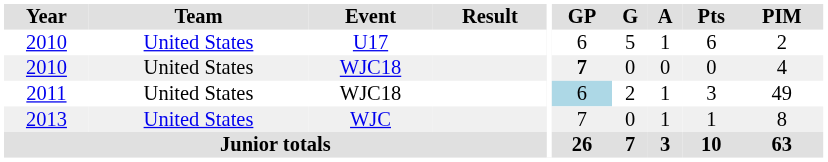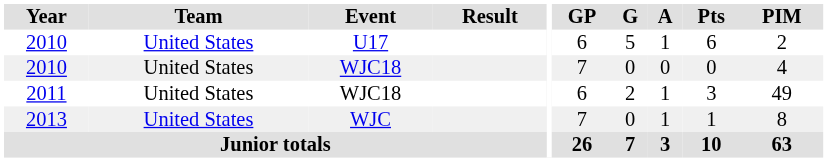 <table border="0" cellpadding="1" cellspacing="0" ID="Table3" style="text-align:center; width:40em">
 <tr ALIGN="center" bgcolor="#e0e0e0">
 <th>Year</th>
 <th>Team</th>
 <th>Event</th>
 <th>Result</th>
 <th rowspan="99" bgcolor="#ffffff"></th>
 <th>GP</th>
 <th>G</th>
 <th>A</th>
 <th>Pts</th>
 <th>PIM</th>
 </tr>
 <tr>
 <td><a href='#'>2010</a></td>
 <td><a href='#'>United States</a></td>
 <td><a href='#'>U17</a></td>
 <td></td>
 <td>6</td>
 <td>5</td>
 <td>1</td>
 <td>6</td>
 <td>2</td>
 </tr>
 <tr bgcolor="#f0f0f0">
 <td><a href='#'>2010</a></td>
 <td>United States</td>
 <td><a href='#'>WJC18</a></td>
 <td></td>
-<td><strong>7</strong></td>
+<td>7</td>
 <td>0</td>
 <td>0</td>
 <td>0</td>
 <td>4</td>
 </tr>
 <tr>
 <td><a href='#'>2011</a></td>
 <td>United States</td>
 <td>WJC18</td>
 <td></td>
-<td style="background: lightblue;">6</td>
+<td>6</td>
 <td>2</td>
 <td>1</td>
 <td>3</td>
 <td>49</td>
 </tr>
 <tr bgcolor="#f0f0f0">
 <td><a href='#'>2013</a></td>
 <td><a href='#'>United States</a></td>
 <td><a href='#'>WJC</a></td>
 <td></td>
 <td>7</td>
 <td>0</td>
 <td>1</td>
 <td>1</td>
 <td>8</td>
 </tr>
 <tr bgcolor="#e0e0e0">
 <th colspan=4>Junior totals</th>
 <th>26</th>
 <th>7</th>
 <th>3</th>
 <th>10</th>
 <th>63</th>
 </tr>
 </table>
